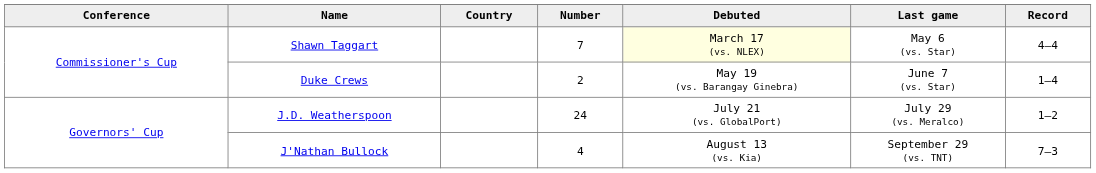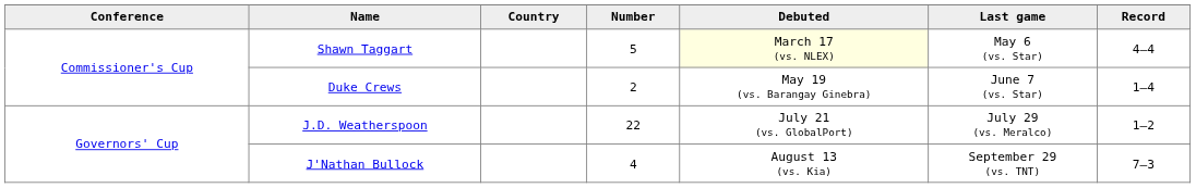 <table border=1 cellpadding="5" style="border-collapse:collapse; text-align: center; width: 100%; bordercolor:#DFDFDF">
 <tr>
 </tr>
 <tr bgcolor="eeeeee">
 <th>Conference</th>
 <th>Name</th>
 <th>Country</th>
 <th>Number</th>
 <th>Debuted</th>
 <th>Last game</th>
 <th>Record</th>
 </tr>
 <tr>
 <td rowspan=2><a href='#'>Commissioner's Cup</a></td>
 <td><a href='#'>Shawn Taggart</a></td>
 <td></td>
-<td>7</td>
+<td>5</td>
 <td style="background: lightyellow;">March 17<br><small>(vs. NLEX)</small></td>
 <td>May 6<br><small>(vs. Star)</small></td>
 <td>4–4</td>
 </tr>
 <tr>
 <td><a href='#'>Duke Crews</a></td>
 <td></td>
 <td>2</td>
 <td>May 19<br><small>(vs. Barangay Ginebra)</small></td>
 <td>June 7<br><small>(vs. Star)</small></td>
 <td>1–4</td>
 </tr>
 <tr>
 <td rowspan=2><a href='#'>Governors' Cup</a></td>
 <td><a href='#'>J.D. Weatherspoon</a></td>
 <td></td>
-<td>24</td>
+<td>22</td>
 <td>July 21<br><small>(vs. GlobalPort)</small></td>
 <td>July 29<br><small>(vs. Meralco)</small></td>
 <td>1–2</td>
 </tr>
 <tr>
 <td><a href='#'>J'Nathan Bullock</a></td>
 <td></td>
 <td>4</td>
 <td>August 13<br><small>(vs. Kia)</small></td>
 <td>September 29<br><small>(vs. TNT)</small></td>
 <td>7–3</td>
 </tr>
 </table>
